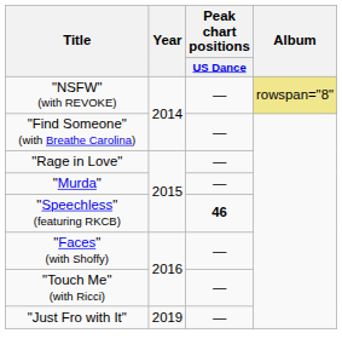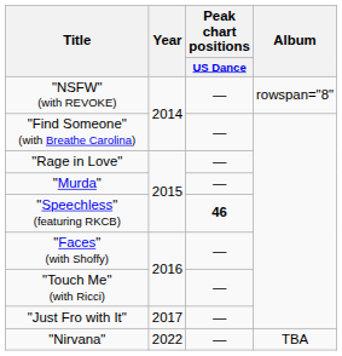 <table class="wikitable plainrowheaders" style="text-align:center;">
 <tr>
 <th rowspan="2" scope="col" style="width: 10em;">Title</th>
 <th rowspan="2" scope="col">Year</th>
 <th>Peak chart positions</th>
 <th rowspan="2" scope="col">Album</th>
 </tr>
 <tr style="font-size:smaller;">
 <th style="width:40px;"><a href='#'>US Dance</a><br></th>
 </tr>
 <tr>
 <td>"NSFW"<br><small>(with REVOKE)</small></td>
 <td rowspan="2">2014</td>
 <td>—</td>
-<td style="background: khaki;">rowspan="8" </td>
+<td>rowspan="8" </td>
 </tr>
 <tr>
 <td>"Find Someone" <br><small>(with <a href='#'>Breathe Carolina</a>)</small></td>
 <td>―</td>
 </tr>
 <tr>
 <td>"Rage in Love"</td>
 <td rowspan="3">2015</td>
 <td>—</td>
 </tr>
 <tr>
 <td>"<a href='#'>Murda</a>"</td>
 <td>—</td>
 </tr>
 <tr>
 <td>"<a href='#'>Speechless</a>"<br><small>(featuring RKCB)</small></td>
 <td><strong>46</strong></td>
 </tr>
 <tr>
 <td>"<a href='#'>Faces</a>"<br><small>(with Shoffy)</small></td>
 <td rowspan="2">2016</td>
 <td>—</td>
 </tr>
 <tr>
 <td>"Touch Me"<br><small>(with Ricci)</small></td>
 <td>—</td>
 </tr>
 <tr>
 <td>"Just Fro with It"</td>
-<td>2019</td>
+<td>2017</td>
 <td>—</td>
 </tr>
+<tr>
+<td>"Nirvana"</td>
+<td>2022</td>
+<td>—</td>
+<td>TBA</td>
+</tr>
 </table>
